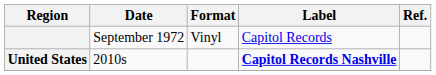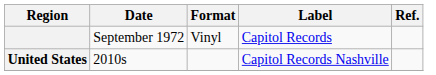 <table class="wikitable plainrowheaders">
 <tr>
 <th scope="col">Region</th>
 <th scope="col">Date</th>
 <th scope="col">Format</th>
 <th scope="col">Label</th>
 <th scope="col">Ref.</th>
 </tr>
 <tr>
 <th scope="row"></th>
 <td>September 1972</td>
 <td>Vinyl</td>
 <td><a href='#'>Capitol Records</a></td>
 <td></td>
 </tr>
 <tr>
 <th scope="row">United States</th>
 <td>2010s</td>
 <td></td>
-<td><strong><a href='#'>Capitol Records Nashville</a></strong></td>
+<td><a href='#'>Capitol Records Nashville</a></td>
 <td></td>
 </tr>
 <tr>
 </tr>
 </table>
